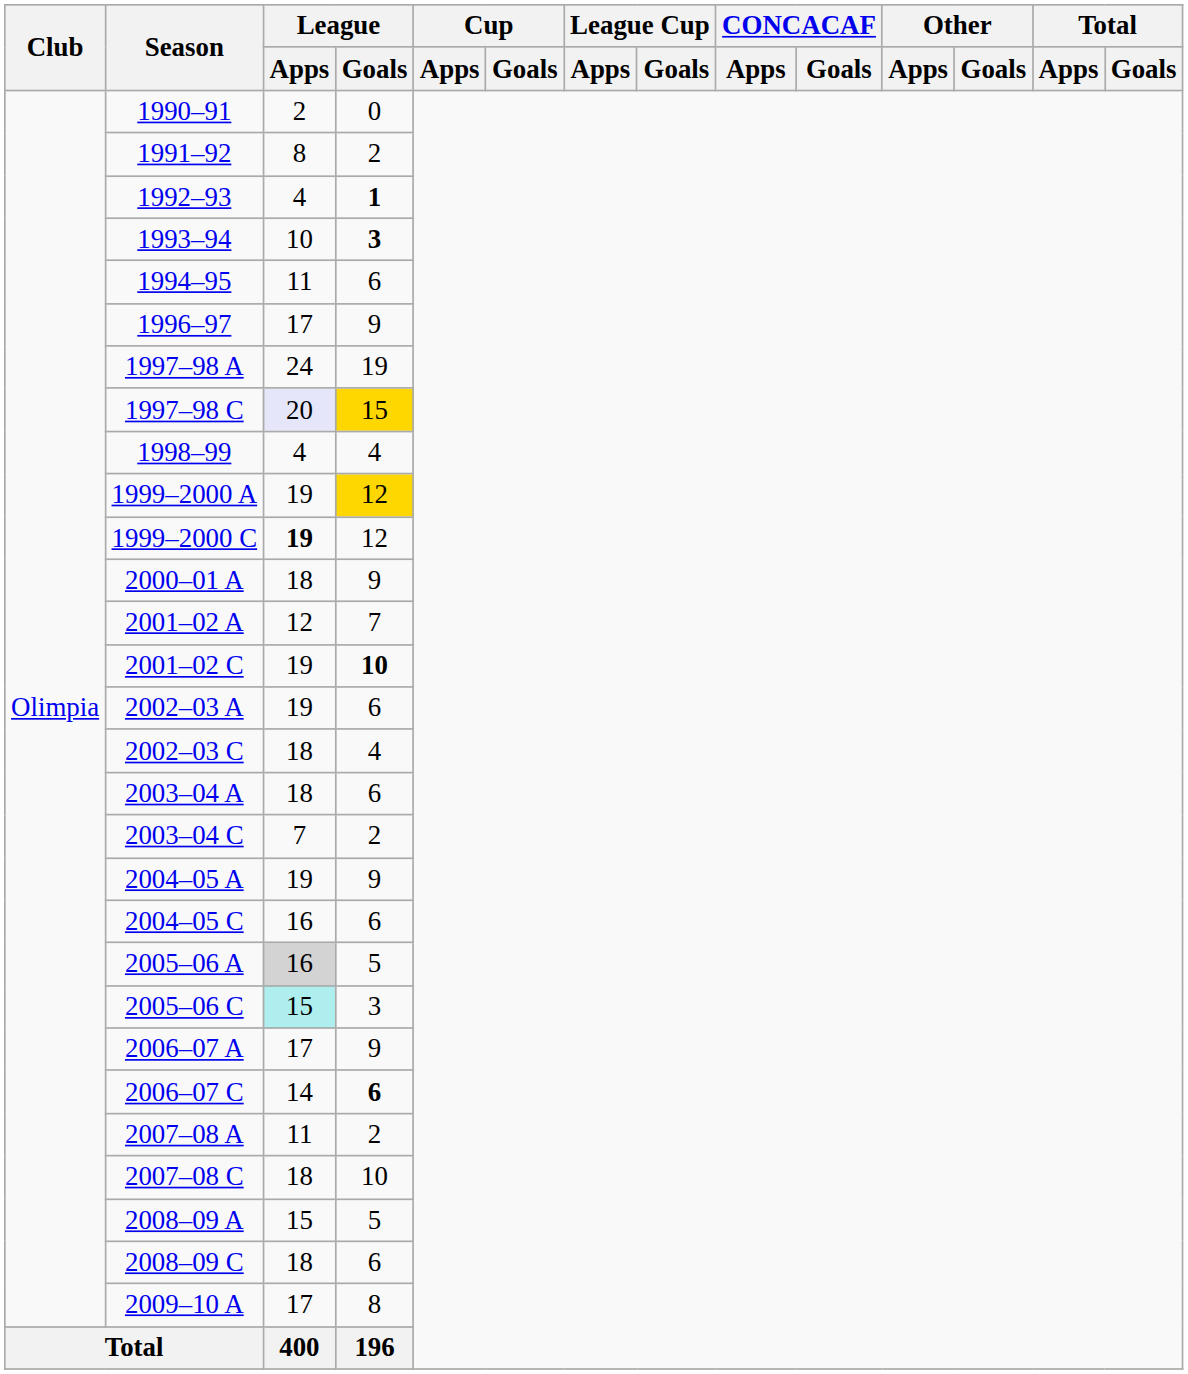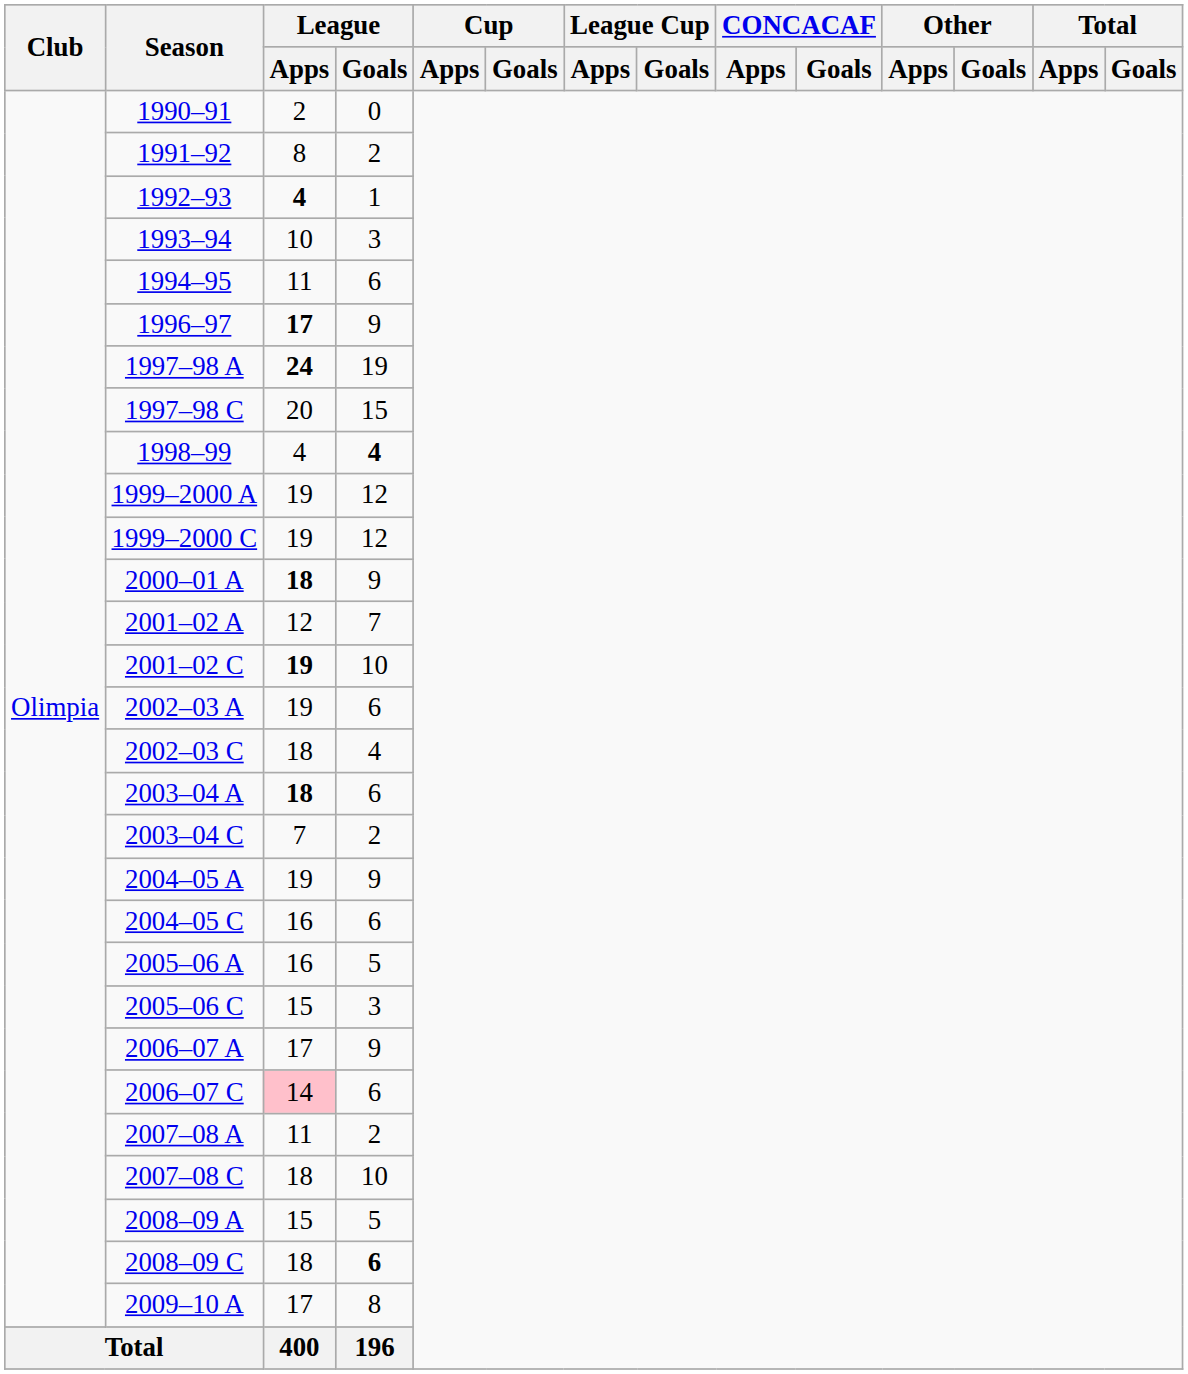 <table class="wikitable" style="text-align:center">
 <tr>
 <th rowspan="2">Club</th>
 <th rowspan="2">Season</th>
 <th colspan="2">League</th>
 <th colspan="2">Cup</th>
 <th colspan="2">League Cup</th>
 <th colspan="2"><a href='#'>CONCACAF</a></th>
 <th colspan="2">Other</th>
 <th colspan="2">Total</th>
 </tr>
 <tr>
 <th>Apps</th>
 <th>Goals</th>
 <th>Apps</th>
 <th>Goals</th>
 <th>Apps</th>
 <th>Goals</th>
 <th>Apps</th>
 <th>Goals</th>
 <th>Apps</th>
 <th>Goals</th>
 <th>Apps</th>
 <th>Goals</th>
 </tr>
 <tr>
 <td rowspan="29"><a href='#'>Olimpia</a></td>
 <td><a href='#'>1990–91</a></td>
 <td>2</td>
 <td>0</td>
 </tr>
 <tr>
 <td><a href='#'>1991–92</a></td>
 <td>8</td>
 <td>2</td>
 </tr>
 <tr>
 <td><a href='#'>1992–93</a></td>
-<td>4</td>
-<td><strong>1</strong></td>
+<td><strong>4</strong></td>
+<td>1</td>
 </tr>
 <tr>
 <td><a href='#'>1993–94</a></td>
 <td>10</td>
-<td><strong>3</strong></td>
+<td>3</td>
 </tr>
 <tr>
 <td><a href='#'>1994–95</a></td>
 <td>11</td>
 <td>6</td>
 </tr>
 <tr>
 <td><a href='#'>1996–97</a></td>
-<td>17</td>
+<td><strong>17</strong></td>
 <td>9</td>
 </tr>
 <tr>
 <td><a href='#'>1997–98 A</a></td>
-<td>24</td>
+<td><strong>24</strong></td>
 <td>19</td>
 </tr>
 <tr>
 <td><a href='#'>1997–98 C</a></td>
-<td style="background: lavender;">20</td>
-<td style="background: gold;">15</td>
+<td>20</td>
+<td>15</td>
 </tr>
 <tr>
 <td><a href='#'>1998–99</a></td>
 <td>4</td>
-<td>4</td>
+<td><strong>4</strong></td>
 </tr>
 <tr>
 <td><a href='#'>1999–2000 A</a></td>
 <td>19</td>
-<td style="background: gold;">12</td>
+<td>12</td>
 </tr>
 <tr>
 <td><a href='#'>1999–2000 C</a></td>
-<td><strong>19</strong></td>
+<td>19</td>
 <td>12</td>
 </tr>
 <tr>
 <td><a href='#'>2000–01 A</a></td>
-<td>18</td>
+<td><strong>18</strong></td>
 <td>9</td>
 </tr>
 <tr>
 <td><a href='#'>2001–02 A</a></td>
 <td>12</td>
 <td>7</td>
 </tr>
 <tr>
 <td><a href='#'>2001–02 C</a></td>
-<td>19</td>
-<td><strong>10</strong></td>
+<td><strong>19</strong></td>
+<td>10</td>
 </tr>
 <tr>
 <td><a href='#'>2002–03 A</a></td>
 <td>19</td>
 <td>6</td>
 </tr>
 <tr>
 <td><a href='#'>2002–03 C</a></td>
 <td>18</td>
 <td>4</td>
 </tr>
 <tr>
 <td><a href='#'>2003–04 A</a></td>
-<td>18</td>
+<td><strong>18</strong></td>
 <td>6</td>
 </tr>
 <tr>
 <td><a href='#'>2003–04 C</a></td>
 <td>7</td>
 <td>2</td>
 </tr>
 <tr>
 <td><a href='#'>2004–05 A</a></td>
 <td>19</td>
 <td>9</td>
 </tr>
 <tr>
 <td><a href='#'>2004–05 C</a></td>
 <td>16</td>
 <td>6</td>
 </tr>
 <tr>
 <td><a href='#'>2005–06 A</a></td>
-<td style="background: lightgrey;">16</td>
+<td>16</td>
 <td>5</td>
 </tr>
 <tr>
 <td><a href='#'>2005–06 C</a></td>
-<td style="background: paleturquoise;">15</td>
+<td>15</td>
 <td>3</td>
 </tr>
 <tr>
 <td><a href='#'>2006–07 A</a></td>
 <td>17</td>
 <td>9</td>
 </tr>
 <tr>
 <td><a href='#'>2006–07 C</a></td>
-<td>14</td>
-<td><strong>6</strong></td>
+<td style="background: pink;">14</td>
+<td>6</td>
 </tr>
 <tr>
 <td><a href='#'>2007–08 A</a></td>
 <td>11</td>
 <td>2</td>
 </tr>
 <tr>
 <td><a href='#'>2007–08 C</a></td>
 <td>18</td>
 <td>10</td>
 </tr>
 <tr>
 <td><a href='#'>2008–09 A</a></td>
 <td>15</td>
 <td>5</td>
 </tr>
 <tr>
 <td><a href='#'>2008–09 C</a></td>
 <td>18</td>
-<td>6</td>
+<td><strong>6</strong></td>
 </tr>
 <tr>
 <td><a href='#'>2009–10 A</a></td>
 <td>17</td>
 <td>8</td>
 </tr>
 <tr>
 <th colspan="2">Total</th>
 <th>400</th>
 <th>196</th>
 </tr>
 </table>
